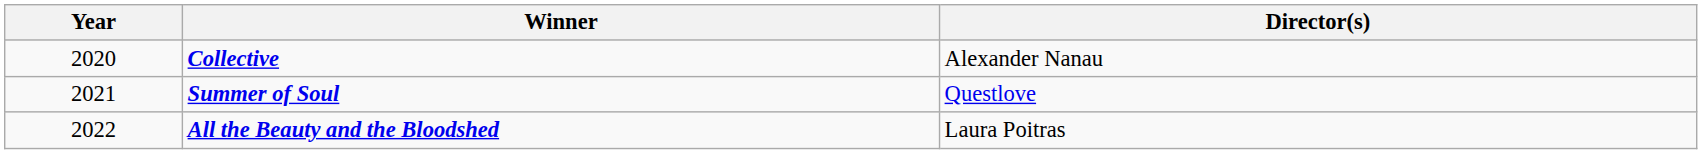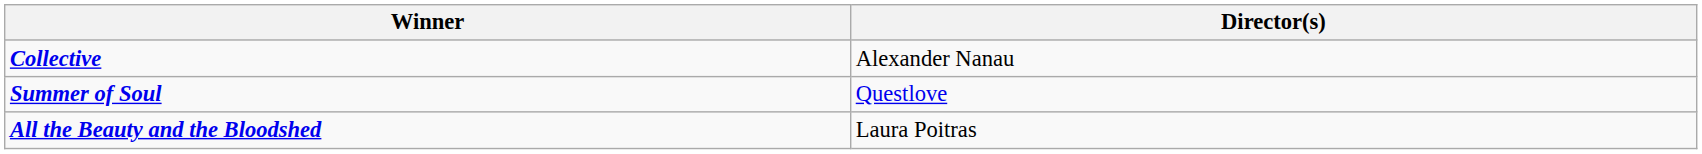 <table class="wikitable" width="95%" cellpadding="5">
 <tr>
-<th width="100"><strong>Year</strong></th>
 <th width="450"><strong>Winner</strong></th>
 <th width="450"><strong>Director(s)</strong></th>
 </tr>
 <tr>
-<td style="text-align:center;">2020</td>
 <td><strong><em><a href='#'>Collective</a></em></strong></td>
 <td>Alexander Nanau</td>
 </tr>
 <tr>
-<td style="text-align:center;">2021</td>
 <td><strong><em><a href='#'>Summer of Soul</a></em></strong></td>
 <td><a href='#'>Questlove</a></td>
 </tr>
 <tr>
-<td style="text-align:center">2022</td>
 <td><strong><em><a href='#'>All the Beauty and the Bloodshed</a></em></strong></td>
 <td>Laura Poitras</td>
 </tr>
 </table>
